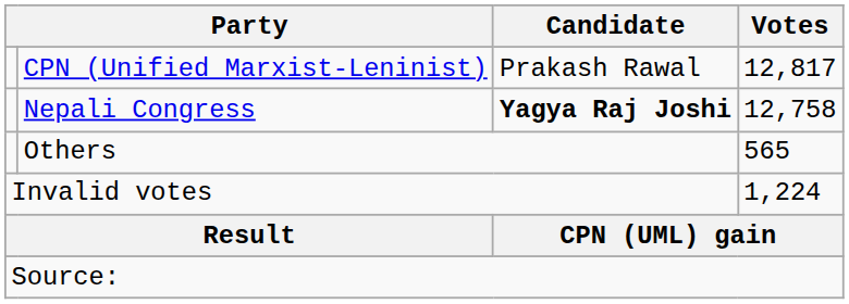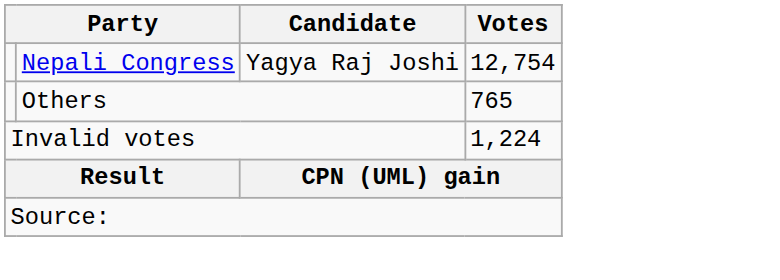 <table class="wikitable">
 <tr>
 <th colspan="2">Party</th>
 <th>Candidate</th>
 <th>Votes</th>
 </tr>
 <tr>
 <td style="background-color:"></td>
-<td><a href='#'>CPN (Unified Marxist-Leninist)</a></td>
-<td>Prakash Rawal</td>
-<td>12,817</td>
-</tr>
-<tr>
-<td style="background-color:"></td>
 <td><a href='#'>Nepali Congress</a></td>
-<td><strong>Yagya Raj Joshi</strong></td>
-<td>12,758</td>
+<td>Yagya Raj Joshi</td>
+<td>12,754</td>
 </tr>
 <tr>
 <td></td>
 <td colspan="2">Others</td>
-<td>565</td>
+<td>765</td>
 </tr>
 <tr>
 <td colspan="3">Invalid votes</td>
 <td>1,224</td>
 </tr>
 <tr>
 <th colspan="2">Result</th>
 <th colspan="2">CPN (UML) gain</th>
 </tr>
 <tr>
 <td colspan="4">Source: </td>
 </tr>
 </table>
